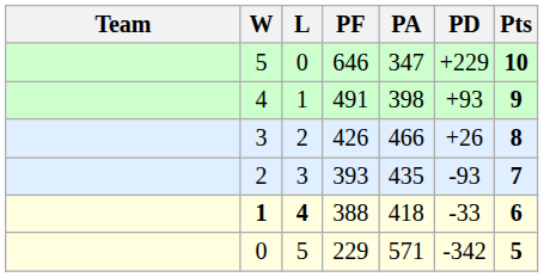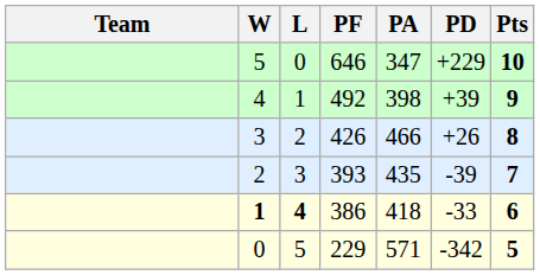 <table class="wikitable" style="text-align:center;">
 <tr>
 <th width=150>Team</th>
 <th width=20>W</th>
 <th width=20>L</th>
 <th width=30>PF</th>
 <th width=30>PA</th>
 <th width=30>PD</th>
 <th width=20>Pts</th>
 </tr>
 <tr bgcolor=#ccffcc>
 <td align="left"></td>
 <td>5</td>
 <td>0</td>
 <td>646</td>
 <td>347</td>
 <td>+229</td>
 <td><strong>10</strong></td>
 </tr>
 <tr bgcolor=#ccffcc>
 <td align="left"></td>
 <td>4</td>
 <td>1</td>
-<td>491</td>
+<td>492</td>
 <td>398</td>
-<td>+93</td>
+<td>+39</td>
 <td><strong>9</strong></td>
 </tr>
 <tr bgcolor=#dfefff>
 <td align="left"></td>
 <td>3</td>
 <td>2</td>
 <td>426</td>
 <td>466</td>
 <td>+26</td>
 <td><strong>8</strong></td>
 </tr>
 <tr bgcolor=#dfefff>
 <td align="left"></td>
 <td>2</td>
 <td>3</td>
 <td>393</td>
 <td>435</td>
-<td>-93</td>
+<td>-39</td>
 <td><strong>7</strong></td>
 </tr>
 <tr bgcolor=#ffffe0>
 <td align="left"></td>
 <td><strong>1</strong></td>
 <td><strong>4</strong></td>
-<td>388</td>
+<td>386</td>
 <td>418</td>
 <td>-33</td>
 <td><strong>6</strong></td>
 </tr>
 <tr bgcolor=#ffffe0>
 <td align="left"></td>
 <td>0</td>
 <td>5</td>
 <td>229</td>
 <td>571</td>
 <td>-342</td>
 <td><strong>5</strong></td>
 </tr>
 </table>
